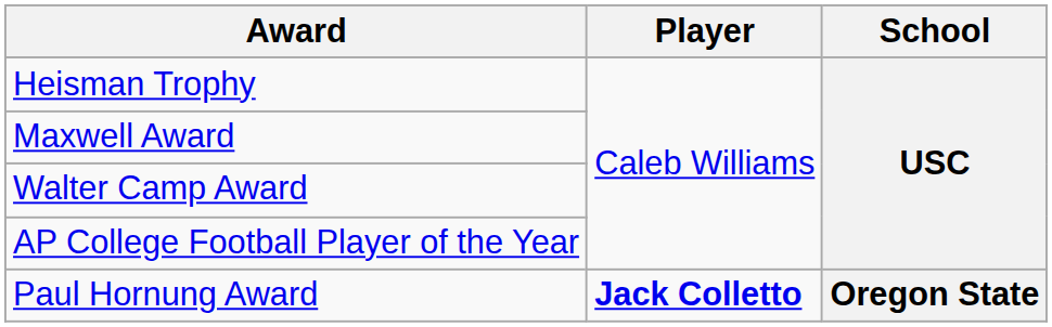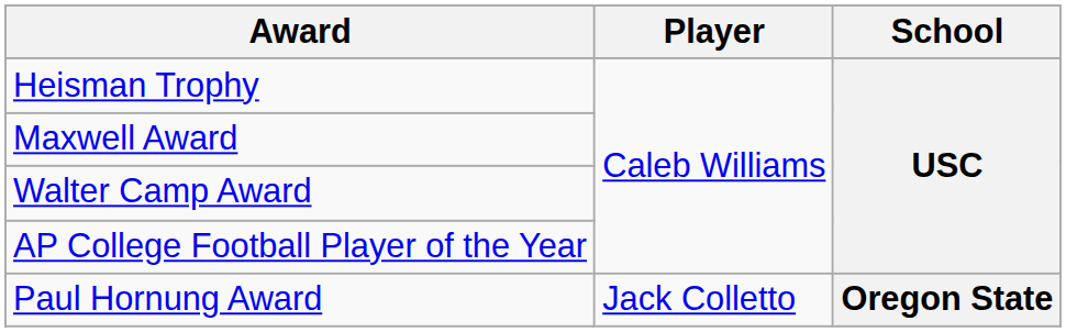 <table class="wikitable" border="0">
 <tr>
 <th>Award</th>
 <th>Player</th>
 <th>School</th>
 </tr>
 <tr>
 <td><a href='#'>Heisman Trophy</a></td>
 <td rowspan="4"><a href='#'>Caleb Williams</a></td>
 <th rowspan="4" style=>USC</th>
 </tr>
 <tr>
 <td><a href='#'>Maxwell Award</a></td>
 </tr>
 <tr>
 <td><a href='#'>Walter Camp Award</a></td>
 </tr>
 <tr>
 <td><a href='#'>AP College Football Player of the Year</a></td>
 </tr>
 <tr>
 <td><a href='#'>Paul Hornung Award</a></td>
-<td><strong><a href='#'>Jack Colletto</a></strong></td>
+<td><a href='#'>Jack Colletto</a></td>
 <th style=>Oregon State</th>
 </tr>
 </table>
